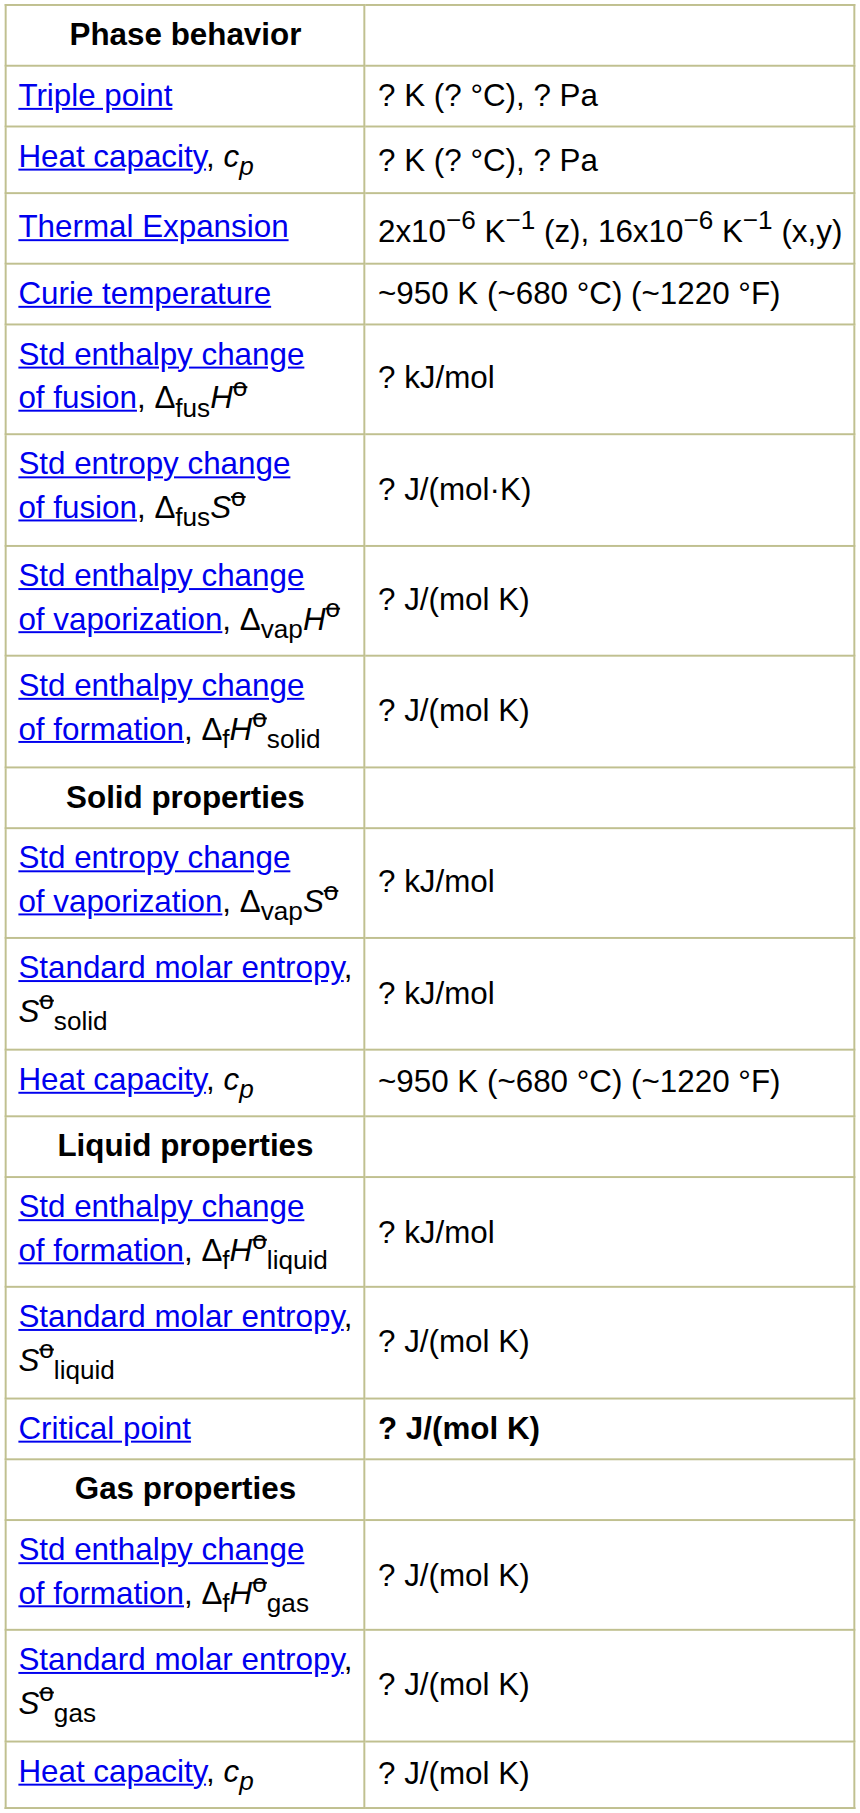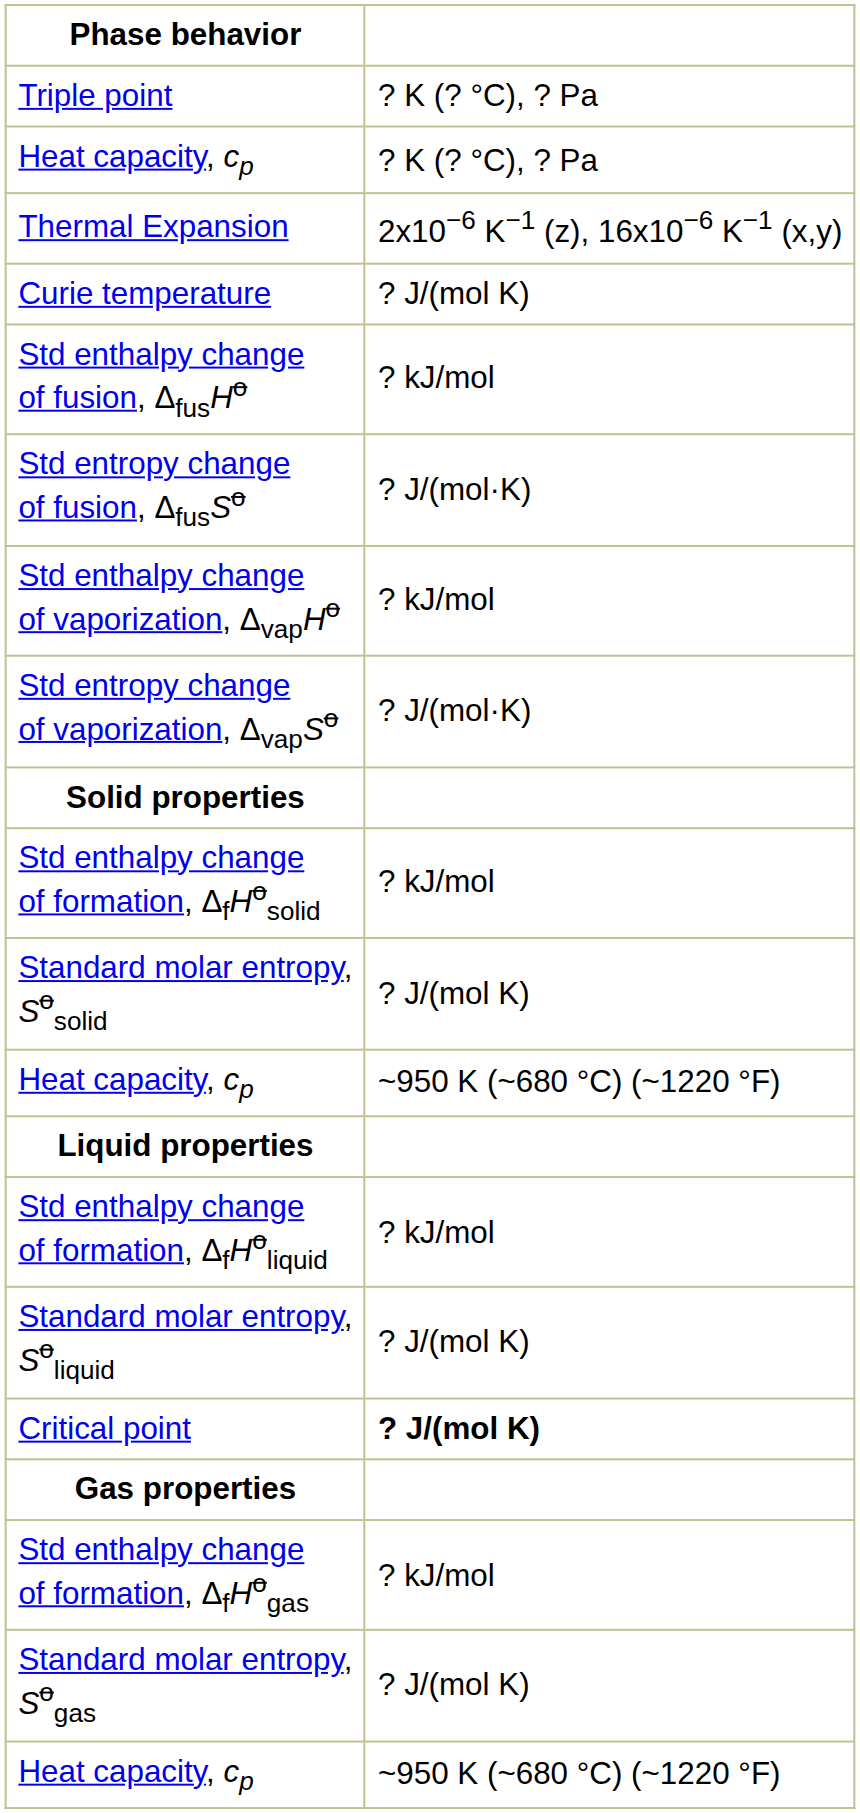 <table border="1" cellspacing="0" cellpadding="6" style="margin: 0 0 0 0.5em; background: #FFFFFF; border-collapse: collapse; border-color: #C0C090;">
 <tr>
 <th>Phase behavior</th>
 </tr>
 <tr>
 <td><a href='#'>Triple point</a></td>
 <td>? K (? °C), ? Pa</td>
 </tr>
 <tr>
 <td><a href='#'>Heat capacity</a>, <em>c<sub>p</sub></em></td>
 <td>? K (? °C), ? Pa</td>
 </tr>
 <tr>
 <td><a href='#'>Thermal Expansion</a></td>
 <td>2x10<sup>−6</sup> K<sup>−1</sup> (z), 16x10<sup>−6</sup> K<sup>−1</sup> (x,y)</td>
 </tr>
 <tr>
 <td><a href='#'>Curie temperature</a></td>
-<td>~950 K (~680 °C) (~1220 °F)</td>
+<td>? J/(mol K)</td>
 </tr>
 <tr>
 <td><a href='#'>Std enthalpy change<br>of fusion</a>, Δ<sub>fus</sub><em>H</em><sup><s>o</s></sup></td>
 <td>? kJ/mol</td>
 </tr>
 <tr>
 <td><a href='#'>Std entropy change<br>of fusion</a>, Δ<sub>fus</sub><em>S</em><sup><s>o</s></sup></td>
 <td>? J/(mol·K)</td>
 </tr>
 <tr>
 <td><a href='#'>Std enthalpy change<br>of vaporization</a>, Δ<sub>vap</sub><em>H</em><sup><s>o</s></sup></td>
-<td>? J/(mol K)</td>
+<td>? kJ/mol</td>
 </tr>
 <tr>
-<td><a href='#'>Std enthalpy change<br>of formation</a>, Δ<sub>f</sub><em>H</em><sup><s>o</s></sup><sub>solid</sub></td>
-<td>? J/(mol K)</td>
+<td><a href='#'>Std entropy change<br>of vaporization</a>, Δ<sub>vap</sub><em>S</em><sup><s>o</s></sup></td>
+<td>? J/(mol·K)</td>
 </tr>
 <tr>
 <th>Solid properties</th>
 </tr>
 <tr>
-<td><a href='#'>Std entropy change<br>of vaporization</a>, Δ<sub>vap</sub><em>S</em><sup><s>o</s></sup></td>
+<td><a href='#'>Std enthalpy change<br>of formation</a>, Δ<sub>f</sub><em>H</em><sup><s>o</s></sup><sub>solid</sub></td>
 <td>? kJ/mol</td>
 </tr>
 <tr>
 <td><a href='#'>Standard molar entropy</a>,<br><em>S</em><sup><s>o</s></sup><sub>solid</sub></td>
-<td>? kJ/mol</td>
+<td>? J/(mol K)</td>
 </tr>
 <tr>
 <td><a href='#'>Heat capacity</a>, <em>c<sub>p</sub></em></td>
 <td>~950 K (~680 °C) (~1220 °F)</td>
 </tr>
 <tr>
 <th>Liquid properties</th>
 </tr>
 <tr>
 <td><a href='#'>Std enthalpy change<br>of formation</a>, Δ<sub>f</sub><em>H</em><sup><s>o</s></sup><sub>liquid</sub></td>
 <td>? kJ/mol</td>
 </tr>
 <tr>
 <td><a href='#'>Standard molar entropy</a>,<br><em>S</em><sup><s>o</s></sup><sub>liquid</sub></td>
 <td>? J/(mol K)</td>
 </tr>
 <tr>
 <td><a href='#'>Critical point</a></td>
 <td><strong>? J/(mol K)</strong></td>
 </tr>
 <tr>
 <th>Gas properties</th>
 </tr>
 <tr>
 <td><a href='#'>Std enthalpy change<br>of formation</a>, Δ<sub>f</sub><em>H</em><sup><s>o</s></sup><sub>gas</sub></td>
-<td>? J/(mol K)</td>
+<td>? kJ/mol</td>
 </tr>
 <tr>
 <td><a href='#'>Standard molar entropy</a>,<br><em>S</em><sup><s>o</s></sup><sub>gas</sub></td>
 <td>? J/(mol K)</td>
 </tr>
 <tr>
 <td><a href='#'>Heat capacity</a>, <em>c<sub>p</sub></em></td>
-<td>? J/(mol K)</td>
+<td>~950 K (~680 °C) (~1220 °F)</td>
 </tr>
 <tr>
 </tr>
 </table>
